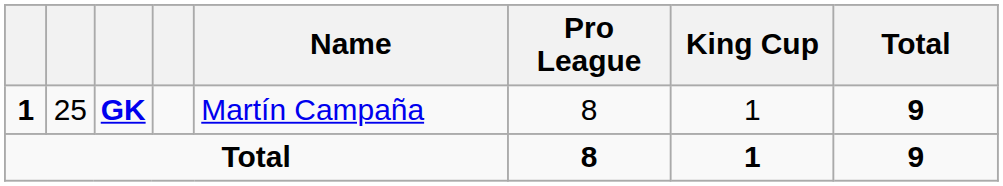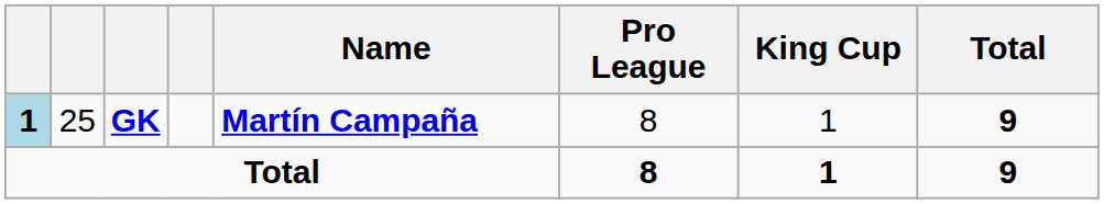 <table class="wikitable" style="text-align:center">
 <tr>
 <th width=15></th>
 <th width=15></th>
 <th width=15></th>
 <th width=15></th>
 <th width=160>Name</th>
 <th width=80>Pro League</th>
 <th width=80>King Cup</th>
 <th width=80>Total</th>
 </tr>
 <tr>
-<td><strong>1</strong></td>
+<td style="background: lightblue;"><strong>1</strong></td>
 <td>25</td>
 <td><strong><a href='#'>GK</a></strong></td>
 <td></td>
-<td align=left><a href='#'>Martín Campaña</a></td>
+<td align=left><strong><a href='#'>Martín Campaña</a></strong></td>
 <td>8</td>
 <td>1</td>
 <td><strong>9</strong></td>
 </tr>
 <tr>
 <td colspan=5><strong>Total</strong></td>
 <td><strong>8</strong></td>
 <td><strong>1</strong></td>
 <td><strong>9</strong></td>
 </tr>
 </table>
